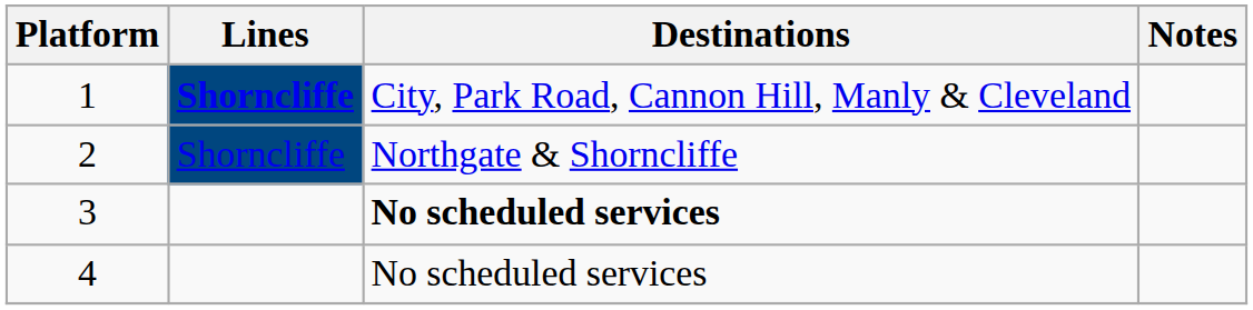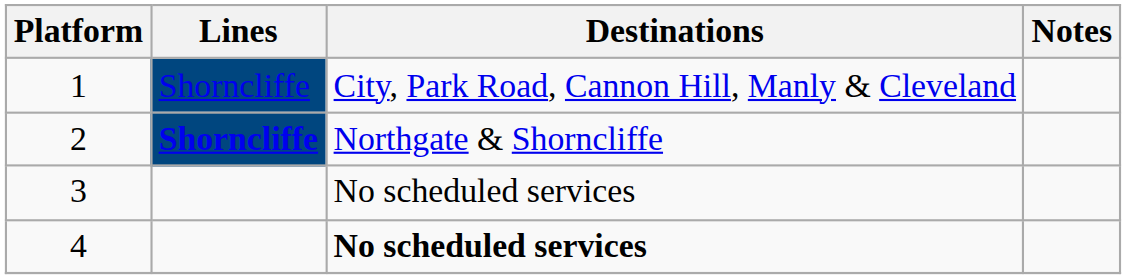 <table class="wikitable" style="float: none; margin: 0.5em; ">
 <tr>
 <th>Platform</th>
 <th>Lines</th>
 <th>Destinations</th>
 <th>Notes</th>
 </tr>
 <tr>
 <td style="text-align:center;">1</td>
-<td style=background:#00467f><strong><a href='#'><span>Shorncliffe</span></a></strong></td>
+<td style=background:#00467f><a href='#'><span>Shorncliffe</span></a></td>
 <td><a href='#'>City</a>, <a href='#'>Park Road</a>, <a href='#'>Cannon Hill</a>, <a href='#'>Manly</a> & <a href='#'>Cleveland</a></td>
 <td></td>
 </tr>
 <tr>
 <td style="text-align:center;">2</td>
-<td style=background:#00467f><a href='#'><span>Shorncliffe</span></a></td>
+<td style=background:#00467f><strong><a href='#'><span>Shorncliffe</span></a></strong></td>
 <td><a href='#'>Northgate</a> & <a href='#'>Shorncliffe</a></td>
 <td></td>
 </tr>
 <tr>
 <td style="text-align:center;">3</td>
 <td></td>
-<td><strong>No scheduled services</strong></td>
+<td>No scheduled services</td>
 <td></td>
 </tr>
 <tr>
 <td style="text-align:center;">4</td>
 <td></td>
-<td>No scheduled services</td>
+<td><strong>No scheduled services</strong></td>
 <td></td>
 </tr>
 <tr>
 </tr>
 </table>
